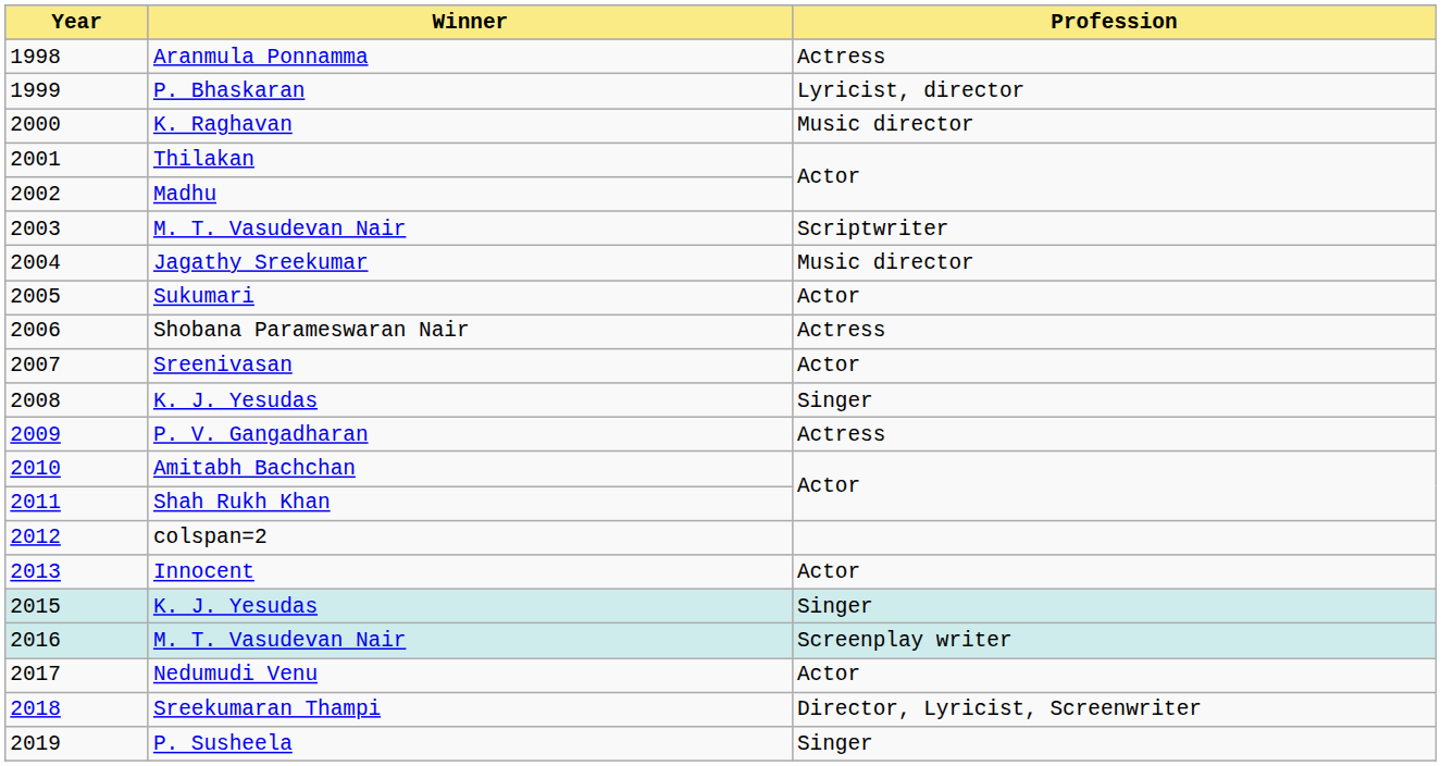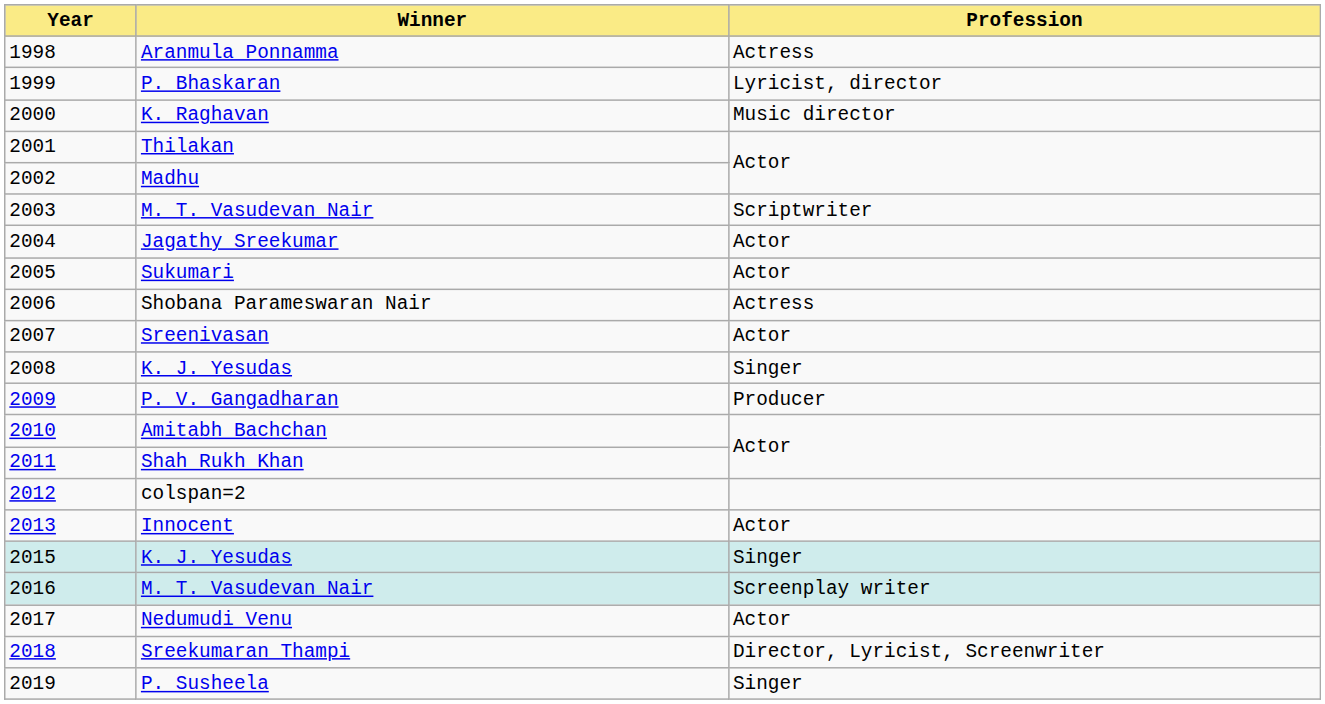 <table class="wikitable" style="width:100%">
 <tr bgcolor="#bebebe">
 <th width="10%" style="background:#FAEB86">Year</th>
 <th width="45%" style="background:#FAEB86">Winner</th>
 <th width="45%" style="background:#FAEB86">Profession</th>
 </tr>
 <tr>
 <td>1998</td>
 <td><a href='#'>Aranmula Ponnamma</a></td>
 <td>Actress</td>
 </tr>
 <tr>
 <td>1999</td>
 <td><a href='#'>P. Bhaskaran</a></td>
 <td>Lyricist, director</td>
 </tr>
 <tr>
 <td>2000</td>
 <td><a href='#'>K. Raghavan</a></td>
 <td>Music director</td>
 </tr>
 <tr>
 <td>2001</td>
 <td><a href='#'>Thilakan</a></td>
 <td rowspan="2">Actor</td>
 </tr>
 <tr>
 <td>2002</td>
 <td><a href='#'>Madhu</a></td>
 </tr>
 <tr>
 <td>2003</td>
 <td><a href='#'>M. T. Vasudevan Nair</a></td>
 <td>Scriptwriter</td>
 </tr>
 <tr>
 <td>2004</td>
 <td><a href='#'>Jagathy Sreekumar</a></td>
-<td>Music director</td>
+<td>Actor</td>
 </tr>
 <tr>
 <td>2005</td>
 <td><a href='#'>Sukumari</a></td>
 <td>Actor</td>
 </tr>
 <tr>
 <td>2006</td>
 <td>Shobana Parameswaran Nair</td>
 <td>Actress</td>
 </tr>
 <tr>
 <td>2007</td>
 <td><a href='#'>Sreenivasan</a></td>
 <td>Actor</td>
 </tr>
 <tr>
 <td>2008</td>
 <td><a href='#'>K. J. Yesudas</a></td>
 <td>Singer</td>
 </tr>
 <tr>
 <td><a href='#'>2009</a></td>
 <td><a href='#'>P. V. Gangadharan</a></td>
-<td>Actress</td>
+<td>Producer</td>
 </tr>
 <tr>
 <td><a href='#'>2010</a></td>
 <td><a href='#'>Amitabh Bachchan</a></td>
 <td rowspan="2">Actor</td>
 </tr>
 <tr>
 <td><a href='#'>2011</a></td>
 <td><a href='#'>Shah Rukh Khan</a></td>
 </tr>
 <tr>
 <td><a href='#'>2012</a></td>
 <td>colspan=2 </td>
 </tr>
 <tr>
 <td><a href='#'>2013</a></td>
 <td><a href='#'>Innocent</a></td>
 <td>Actor</td>
 </tr>
 <tr bgcolor="#cfecec">
 <td>2015</td>
 <td><a href='#'>K. J. Yesudas</a></td>
 <td>Singer</td>
 </tr>
 <tr bgcolor="#cfecec">
 <td>2016</td>
 <td><a href='#'>M. T. Vasudevan Nair</a></td>
 <td>Screenplay writer</td>
 </tr>
 <tr>
 <td>2017</td>
 <td><a href='#'>Nedumudi Venu</a></td>
 <td>Actor</td>
 </tr>
 <tr>
 <td><a href='#'>2018</a></td>
 <td><a href='#'>Sreekumaran Thampi</a></td>
 <td>Director, Lyricist, Screenwriter</td>
 </tr>
 <tr>
 <td>2019</td>
 <td><a href='#'>P. Susheela</a></td>
 <td>Singer</td>
 </tr>
 </table>
